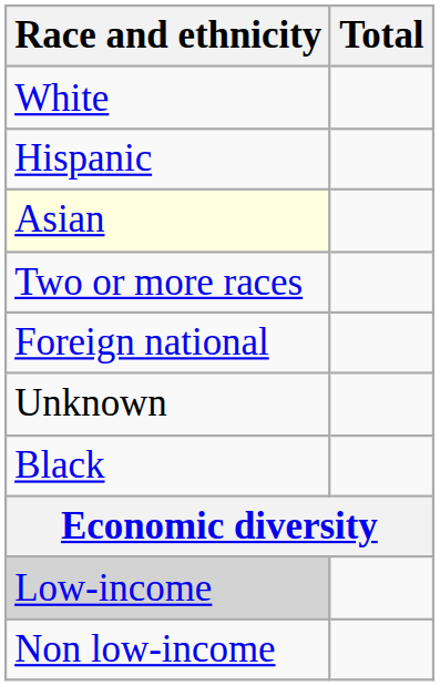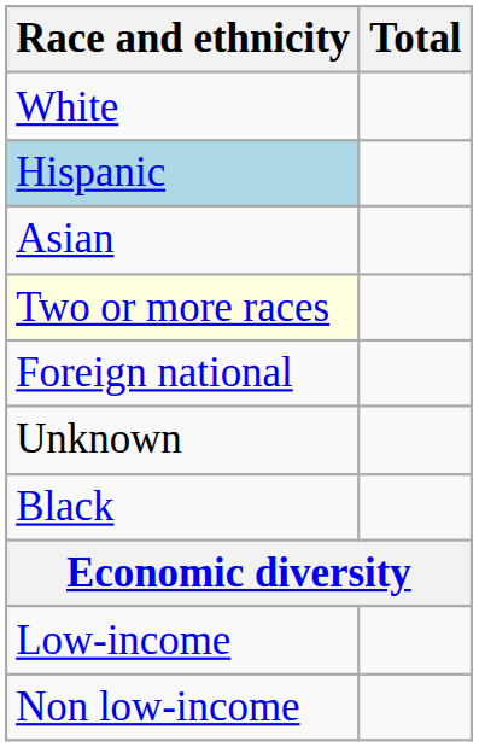 <table class="wikitable floatright sortable collapsible"; text-align:right; font-size:80%;">
 <tr>
 <th>Race and ethnicity</th>
 <th colspan="2" data-sort-type=number>Total</th>
 </tr>
 <tr>
 <td><a href='#'>White</a></td>
 <td align=right></td>
 </tr>
 <tr>
-<td><a href='#'>Hispanic</a></td>
+<td style="background: lightblue;"><a href='#'>Hispanic</a></td>
 <td align=right></td>
 </tr>
 <tr>
-<td style="background: lightyellow;"><a href='#'>Asian</a></td>
+<td><a href='#'>Asian</a></td>
 <td align=right></td>
 </tr>
 <tr>
-<td><a href='#'>Two or more races</a></td>
+<td style="background: lightyellow;"><a href='#'>Two or more races</a></td>
 <td align=right></td>
 </tr>
 <tr>
 <td><a href='#'>Foreign national</a></td>
 <td align=right></td>
 </tr>
 <tr>
 <td>Unknown</td>
 <td align=right></td>
 </tr>
 <tr>
 <td><a href='#'>Black</a></td>
 <td align=right></td>
 </tr>
 <tr>
 <th colspan="4" data-sort-type=number><a href='#'>Economic diversity</a></th>
 </tr>
 <tr>
-<td style="background: lightgrey;"><a href='#'>Low-income</a></td>
+<td><a href='#'>Low-income</a></td>
 <td align=right></td>
 </tr>
 <tr>
 <td><a href='#'>Non low-income</a></td>
 <td align=right></td>
 </tr>
 </table>
